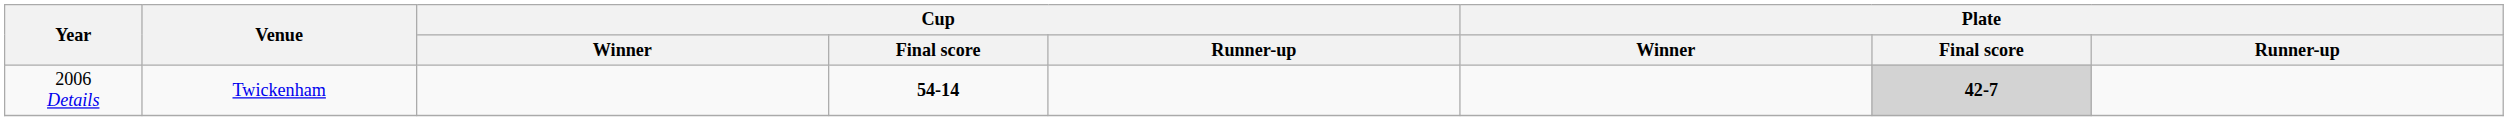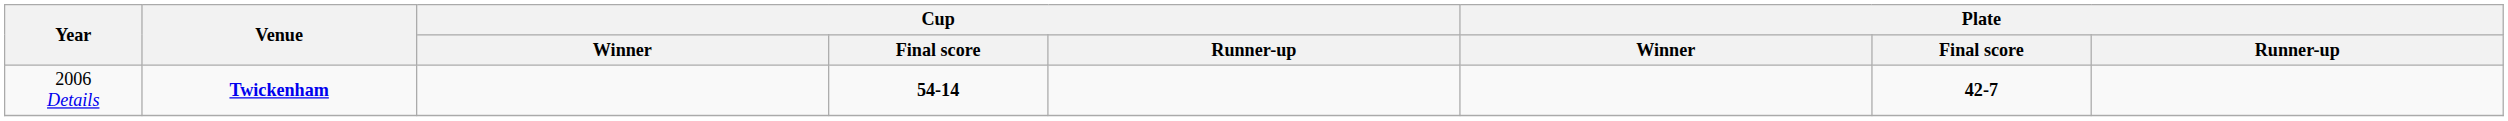 <table class="wikitable" style="font-size:90%; width: 100%; text-align: center;">
 <tr>
 <th rowspan=2 width=5%>Year</th>
 <th rowspan=2 width=10%>Venue</th>
 <th colspan=3>Cup</th>
 <th colspan=3>Plate</th>
 </tr>
 <tr>
 <th width=15%>Winner</th>
 <th width=8%>Final score</th>
 <th width=15%>Runner-up</th>
 <th width=15%>Winner</th>
 <th width=8%>Final score</th>
 <th width=15%>Runner-up</th>
 </tr>
 <tr>
 <td>2006<br> <em><a href='#'>Details</a></em></td>
-<td><a href='#'>Twickenham</a></td>
+<td><strong><a href='#'>Twickenham</a></strong></td>
 <td><strong></strong></td>
 <td><strong>54-14</strong></td>
 <td></td>
 <td></td>
-<td style="background: lightgrey;"><strong>42-7</strong></td>
+<td><strong>42-7</strong></td>
 <td></td>
 </tr>
 <tr>
 </tr>
 </table>
